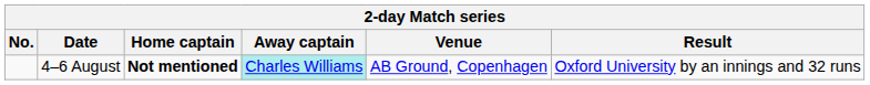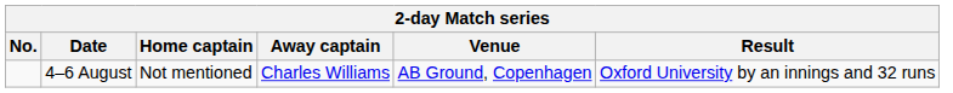 <table class="wikitable">
 <tr>
 <th colspan="9">2-day Match series</th>
 </tr>
 <tr>
 <th>No.</th>
 <th>Date</th>
 <th>Home captain</th>
 <th>Away captain</th>
 <th>Venue</th>
 <th>Result</th>
 </tr>
 <tr>
 <td></td>
 <td>4–6 August</td>
-<td><strong>Not mentioned</strong></td>
-<td style="background: paleturquoise;"><a href='#'>Charles Williams</a></td>
+<td>Not mentioned</td>
+<td><a href='#'>Charles Williams</a></td>
 <td><a href='#'>AB Ground</a>, <a href='#'>Copenhagen</a></td>
 <td><a href='#'>Oxford University</a> by an innings and 32 runs</td>
 </tr>
 </table>
